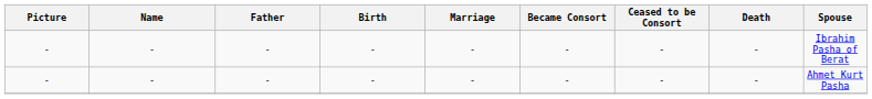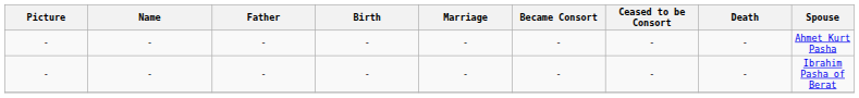 <table width=95% class="wikitable">
 <tr>
 <th width = "8%">Picture</th>
 <th width = "12%">Name</th>
 <th width = "10%">Father</th>
 <th width = "10%">Birth</th>
 <th width = "9%">Marriage</th>
 <th width = "9%">Became Consort</th>
 <th width = "9%">Ceased to be Consort</th>
 <th width = "9%">Death</th>
 <th width = "6%">Spouse</th>
 </tr>
 <tr>
 <td align="center">-</td>
 <td align="center">-</td>
 <td align=center>-</td>
 <td align="center">-</td>
 <td align="center">-</td>
 <td align="center">-</td>
 <td align="center">-</td>
 <td align="center">-</td>
-<td align="center"><a href='#'>Ibrahim Pasha of Berat</a></td>
+<td align="center"><a href='#'>Ahmet Kurt Pasha</a></td>
 </tr>
 <tr>
 <td align="center">-</td>
 <td align="center">-</td>
 <td align=center>-</td>
 <td align="center">-</td>
 <td align="center">-</td>
 <td align="center">-</td>
 <td align="center">-</td>
 <td align="center">-</td>
-<td align="center"><a href='#'>Ahmet Kurt Pasha</a></td>
+<td align="center"><a href='#'>Ibrahim Pasha of Berat</a></td>
 </tr>
 <tr>
 </tr>
 </table>
